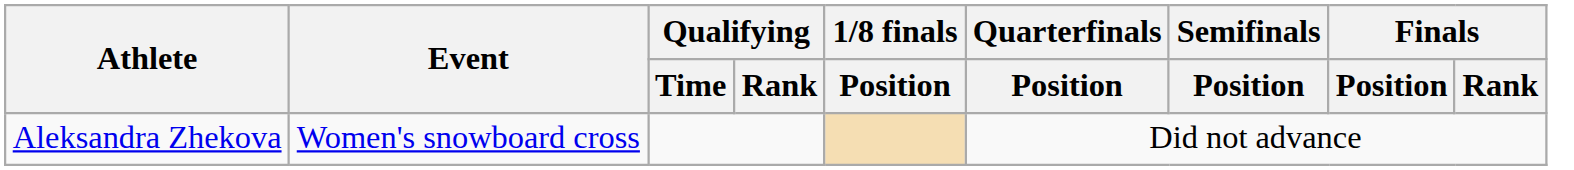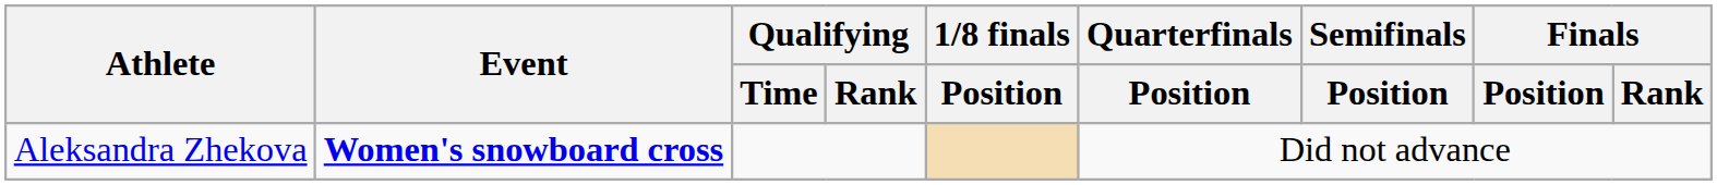 <table class="wikitable" style="font-size:90%">
 <tr>
 <th rowspan="2">Athlete</th>
 <th rowspan="2">Event</th>
 <th colspan="2">Qualifying</th>
 <th>1/8 finals</th>
 <th>Quarterfinals</th>
 <th>Semifinals</th>
 <th colspan=2>Finals</th>
 </tr>
 <tr>
 <th>Time</th>
 <th>Rank</th>
 <th>Position</th>
 <th>Position</th>
 <th>Position</th>
 <th>Position</th>
 <th>Rank</th>
 </tr>
 <tr align=center>
 <td align="left"><a href='#'>Aleksandra Zhekova</a></td>
-<td align="left"><a href='#'>Women's snowboard cross</a></td>
+<td align="left"><strong><a href='#'>Women's snowboard cross</a></strong></td>
 <td colspan=2></td>
 <td align="center" bgcolor="wheat"></td>
 <td colspan=4>Did not advance</td>
 </tr>
 </table>
